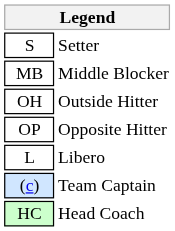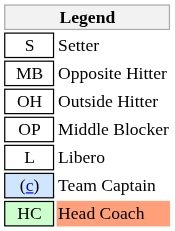 <table class="toccolours" style="float:right; font-size:90%; white-space:nowrap; valign:middle">
 <tr>
 <th colspan="6" style="background-color:#F2F2F2; border:1px solid #AAAAAA">Legend</th>
 </tr>
 <tr>
 <td style="border:1px solid black" align="center">  S  </td>
 <td>Setter</td>
 </tr>
 <tr>
 <td style="border:1px solid black" align="center">  MB  </td>
-<td>Middle Blocker</td>
+<td>Opposite Hitter</td>
 </tr>
 <tr>
 <td style="border:1px solid black" align="center">  OH  </td>
 <td>Outside Hitter</td>
 </tr>
 <tr>
 <td style="border:1px solid black" align="center">  OP  </td>
-<td>Opposite Hitter</td>
+<td>Middle Blocker</td>
 </tr>
 <tr>
 <td style="border:1px solid black" align="center">  L  </td>
 <td>Libero</td>
 </tr>
 <tr>
 <td style="background:#D0E6FF;border:1px solid black" align="center"> (<a href='#'>c</a>) </td>
 <td>Team Captain</td>
 </tr>
 <tr>
 <td style="background: #CCFFCC; border: 1px solid black" align="center"> HC </td>
-<td>Head Coach</td>
+<td style="background: lightsalmon;">Head Coach</td>
 </tr>
 </table>
